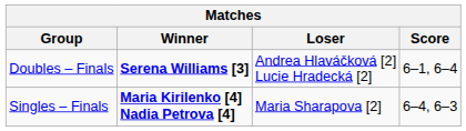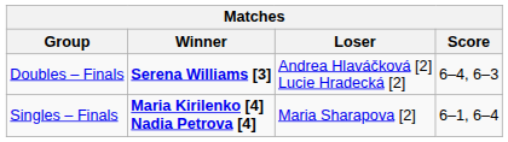 <table class="wikitable collapsible uncollapsed" style="margin:1em auto;">
 <tr>
 <th colspan=4>Matches</th>
 </tr>
 <tr>
 <th>Group</th>
 <th>Winner</th>
 <th>Loser</th>
 <th>Score</th>
 </tr>
 <tr align=left>
 <td><a href='#'>Doubles – Finals</a></td>
 <td><strong> <a href='#'>Serena Williams</a> [3]</strong></td>
 <td> <a href='#'>Andrea Hlaváčková</a> [2] <br>  <a href='#'>Lucie Hradecká</a> [2]</td>
-<td>6–1, 6–4</td>
+<td>6–4, 6–3</td>
 </tr>
 <tr align=left>
 <td><a href='#'>Singles – Finals</a></td>
 <td><strong> <a href='#'>Maria Kirilenko</a> [4]<br> <a href='#'>Nadia Petrova</a> [4]</strong></td>
 <td> <a href='#'>Maria Sharapova</a> [2]</td>
-<td>6–4, 6–3</td>
+<td>6–1, 6–4</td>
 </tr>
 </table>
